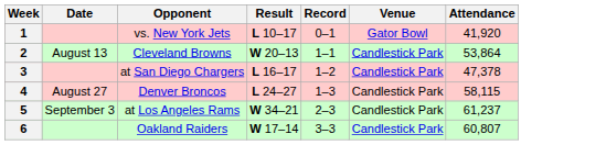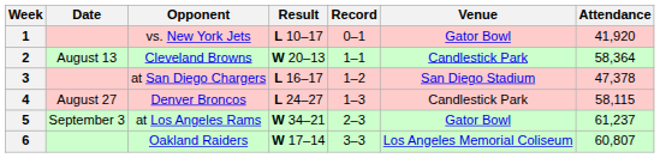 <table class="wikitable" style="text-align:center">
 <tr>
 <th>Week</th>
 <th>Date</th>
 <th>Opponent</th>
 <th>Result</th>
 <th>Record</th>
 <th>Venue</th>
 <th>Attendance</th>
 </tr>
 <tr style="background:#fcc">
 <th>1</th>
 <td></td>
 <td>vs. <a href='#'>New York Jets</a></td>
 <td><strong>L</strong> 10–17</td>
 <td>0–1</td>
 <td><a href='#'>Gator Bowl</a></td>
 <td>41,920</td>
 </tr>
 <tr style="background:#cfc">
 <th>2</th>
 <td>August 13</td>
 <td><a href='#'>Cleveland Browns</a></td>
 <td><strong>W</strong> 20–13</td>
 <td>1–1</td>
 <td><a href='#'>Candlestick Park</a></td>
-<td>53,864</td>
+<td>58,364</td>
 </tr>
 <tr style="background:#fcc">
 <th>3</th>
 <td></td>
 <td>at <a href='#'>San Diego Chargers</a></td>
 <td><strong>L</strong> 16–17</td>
 <td>1–2</td>
-<td><a href='#'>Candlestick Park</a></td>
+<td><a href='#'>San Diego Stadium</a></td>
 <td>47,378</td>
 </tr>
 <tr style="background:#fcc">
 <th>4</th>
 <td>August 27</td>
 <td><a href='#'>Denver Broncos</a></td>
 <td><strong>L</strong> 24–27</td>
 <td>1–3</td>
 <td>Candlestick Park</td>
 <td>58,115</td>
 </tr>
 <tr style="background:#cfc">
 <th>5</th>
 <td>September 3</td>
 <td>at <a href='#'>Los Angeles Rams</a></td>
 <td><strong>W</strong> 34–21</td>
 <td>2–3</td>
-<td>Candlestick Park</td>
+<td><a href='#'>Gator Bowl</a></td>
 <td>61,237</td>
 </tr>
 <tr style="background:#cfc">
 <th>6</th>
 <td></td>
 <td><a href='#'>Oakland Raiders</a></td>
 <td><strong>W</strong> 17–14</td>
 <td>3–3</td>
-<td><a href='#'>Candlestick Park</a></td>
+<td><a href='#'>Los Angeles Memorial Coliseum</a></td>
 <td>60,807</td>
 </tr>
 </table>
